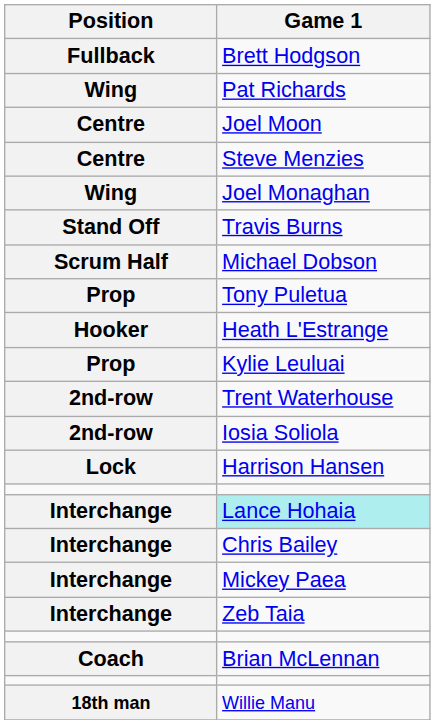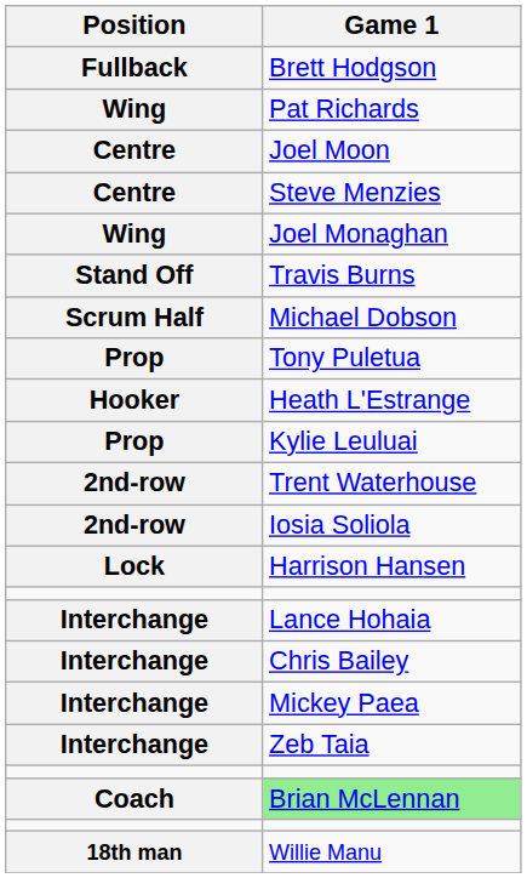 <table class="wikitable">
 <tr>
 <th style="width:150px;">Position</th>
 <th style="width:150px;">Game 1</th>
 </tr>
 <tr>
 <th>Fullback</th>
 <td colspan="1"><a href='#'>Brett Hodgson</a></td>
 </tr>
 <tr>
 <th>Wing</th>
 <td colspan="1"><a href='#'>Pat Richards</a></td>
 </tr>
 <tr>
 <th>Centre</th>
 <td colspan="1"><a href='#'>Joel Moon</a></td>
 </tr>
 <tr>
 <th>Centre</th>
 <td colspan="1"><a href='#'>Steve Menzies</a></td>
 </tr>
 <tr>
 <th>Wing</th>
 <td colspan="1"><a href='#'>Joel Monaghan</a></td>
 </tr>
 <tr>
 <th>Stand Off</th>
 <td colspan="1"><a href='#'>Travis Burns</a></td>
 </tr>
 <tr>
 <th>Scrum Half</th>
 <td colspan="1"><a href='#'>Michael Dobson</a></td>
 </tr>
 <tr>
 <th>Prop</th>
 <td colspan="1"><a href='#'>Tony Puletua</a></td>
 </tr>
 <tr>
 <th>Hooker</th>
 <td colspan="1"><a href='#'>Heath L'Estrange</a></td>
 </tr>
 <tr>
 <th>Prop</th>
 <td colspan="1"><a href='#'>Kylie Leuluai</a></td>
 </tr>
 <tr>
 <th>2nd-row</th>
 <td colspan="1"><a href='#'>Trent Waterhouse</a></td>
 </tr>
 <tr>
 <th>2nd-row</th>
 <td colspan="1"><a href='#'>Iosia Soliola</a></td>
 </tr>
 <tr>
 <th>Lock</th>
 <td colspan="1"><a href='#'>Harrison Hansen</a></td>
 </tr>
 <tr>
 <td></td>
 </tr>
 <tr>
 <th>Interchange</th>
-<td colspan="1" style="background: paleturquoise;"><a href='#'>Lance Hohaia</a></td>
+<td colspan="1"><a href='#'>Lance Hohaia</a></td>
 </tr>
 <tr>
 <th>Interchange</th>
 <td colspan="1"><a href='#'>Chris Bailey</a></td>
 </tr>
 <tr>
 <th>Interchange</th>
 <td colspan="1"><a href='#'>Mickey Paea</a></td>
 </tr>
 <tr>
 <th>Interchange</th>
 <td colspan="1"><a href='#'>Zeb Taia</a></td>
 </tr>
 <tr>
 <td></td>
 </tr>
 <tr>
 <th>Coach</th>
-<td colspan="1"><a href='#'>Brian McLennan</a></td>
+<td colspan="1" style="background: lightgreen;"><a href='#'>Brian McLennan</a></td>
 </tr>
 <tr>
 <td></td>
 </tr>
 <tr>
 <th><small>18th man</small></th>
 <td colspan="2"><small><a href='#'>Willie Manu</a></small></td>
 </tr>
 <tr>
 </tr>
 </table>
